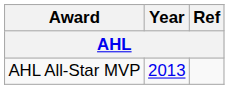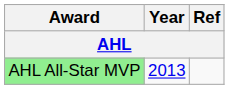 <table class="wikitable">
 <tr>
 <th>Award</th>
 <th>Year</th>
 <th>Ref</th>
 </tr>
 <tr ALIGN="center" bgcolor="#e0e0e0">
 <th colspan="3"><a href='#'>AHL</a></th>
 </tr>
 <tr>
-<td>AHL All-Star MVP</td>
+<td style="background: lightgreen;">AHL All-Star MVP</td>
 <td><a href='#'>2013</a></td>
 <td></td>
 </tr>
 </table>
